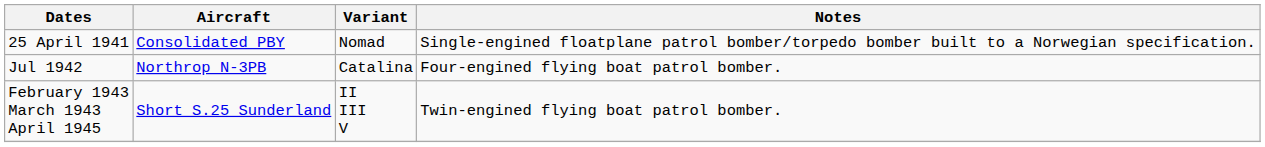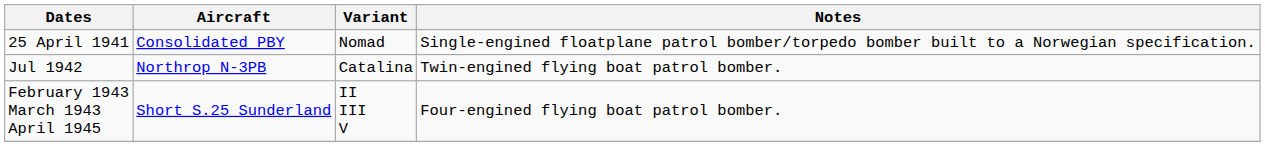 <table class="wikitable">
 <tr>
 <th>Dates</th>
 <th>Aircraft</th>
 <th>Variant</th>
 <th>Notes</th>
 </tr>
 <tr>
 <td>25 April 1941</td>
 <td><a href='#'>Consolidated PBY</a></td>
 <td>Nomad</td>
 <td>Single-engined floatplane patrol bomber/torpedo bomber built to a Norwegian specification.</td>
 </tr>
 <tr>
 <td>Jul 1942</td>
 <td><a href='#'>Northrop N-3PB</a></td>
 <td>Catalina</td>
-<td>Four-engined flying boat patrol bomber.</td>
+<td>Twin-engined flying boat patrol bomber.</td>
 </tr>
 <tr>
 <td>February 1943 <br> March 1943 <br> April 1945</td>
 <td><a href='#'>Short S.25 Sunderland</a></td>
 <td>II <br> III <br> V</td>
-<td>Twin-engined flying boat patrol bomber.</td>
+<td>Four-engined flying boat patrol bomber.</td>
 </tr>
 <tr>
 </tr>
 </table>
